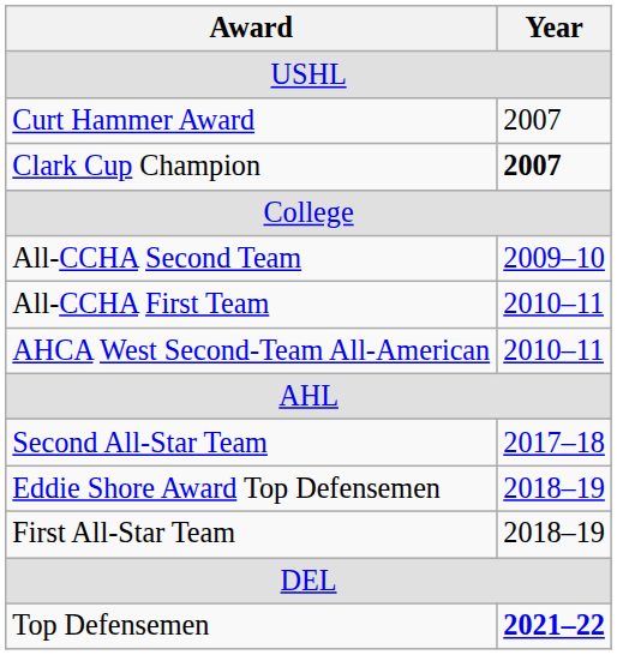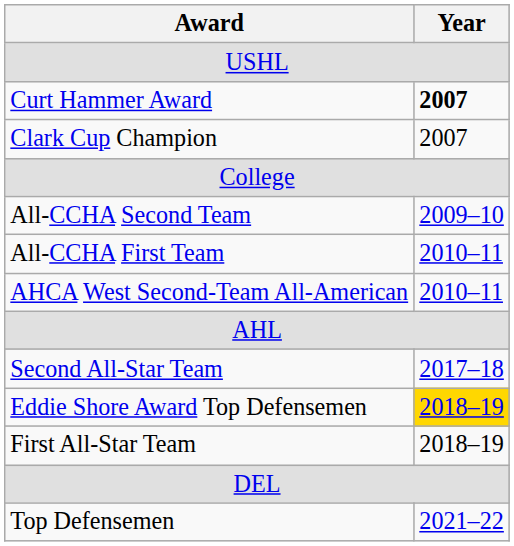 <table class="wikitable">
 <tr>
 <th>Award</th>
 <th>Year</th>
 </tr>
 <tr ALIGN="center" bgcolor="#e0e0e0">
 <td colspan="3"><a href='#'>USHL</a></td>
 </tr>
 <tr>
 <td><a href='#'>Curt Hammer Award</a></td>
-<td>2007</td>
+<td><strong>2007</strong></td>
 </tr>
 <tr>
 <td><a href='#'>Clark Cup</a> Champion</td>
-<td><strong>2007</strong></td>
+<td>2007</td>
 </tr>
 <tr ALIGN="center" bgcolor="#e0e0e0">
 <td colspan="3"><a href='#'>College</a></td>
 </tr>
 <tr>
 <td>All-<a href='#'>CCHA</a> <a href='#'>Second Team</a></td>
 <td><a href='#'>2009–10</a></td>
 </tr>
 <tr>
 <td>All-<a href='#'>CCHA</a> <a href='#'>First Team</a></td>
 <td><a href='#'>2010–11</a></td>
 </tr>
 <tr>
 <td><a href='#'>AHCA</a> <a href='#'>West Second-Team All-American</a></td>
 <td><a href='#'>2010–11</a></td>
 </tr>
 <tr ALIGN="center" bgcolor="#e0e0e0">
 <td colspan="3"><a href='#'>AHL</a></td>
 </tr>
 <tr>
 <td><a href='#'>Second All-Star Team</a></td>
 <td><a href='#'>2017–18</a></td>
 </tr>
 <tr>
 <td><a href='#'>Eddie Shore Award</a> Top Defensemen</td>
-<td><a href='#'>2018–19</a></td>
+<td style="background: gold;"><a href='#'>2018–19</a></td>
 </tr>
 <tr>
 <td>First All-Star Team</td>
 <td>2018–19</td>
 </tr>
 <tr ALIGN="center" bgcolor="#e0e0e0">
 <td colspan="3"><a href='#'>DEL</a></td>
 </tr>
 <tr>
 <td>Top Defensemen</td>
-<td><strong><a href='#'>2021–22</a></strong></td>
+<td><a href='#'>2021–22</a></td>
 </tr>
 </table>
